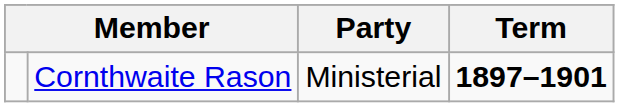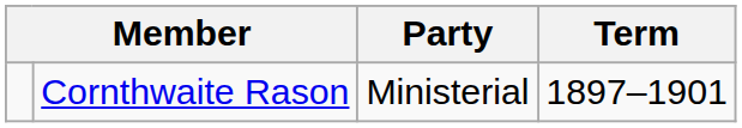 <table class="wikitable">
 <tr>
 <th colspan="2">Member</th>
 <th>Party</th>
 <th>Term</th>
 </tr>
 <tr>
 <td> </td>
 <td><a href='#'>Cornthwaite Rason</a></td>
 <td>Ministerial</td>
-<td><strong>1897–1901</strong></td>
+<td>1897–1901</td>
 </tr>
 </table>
